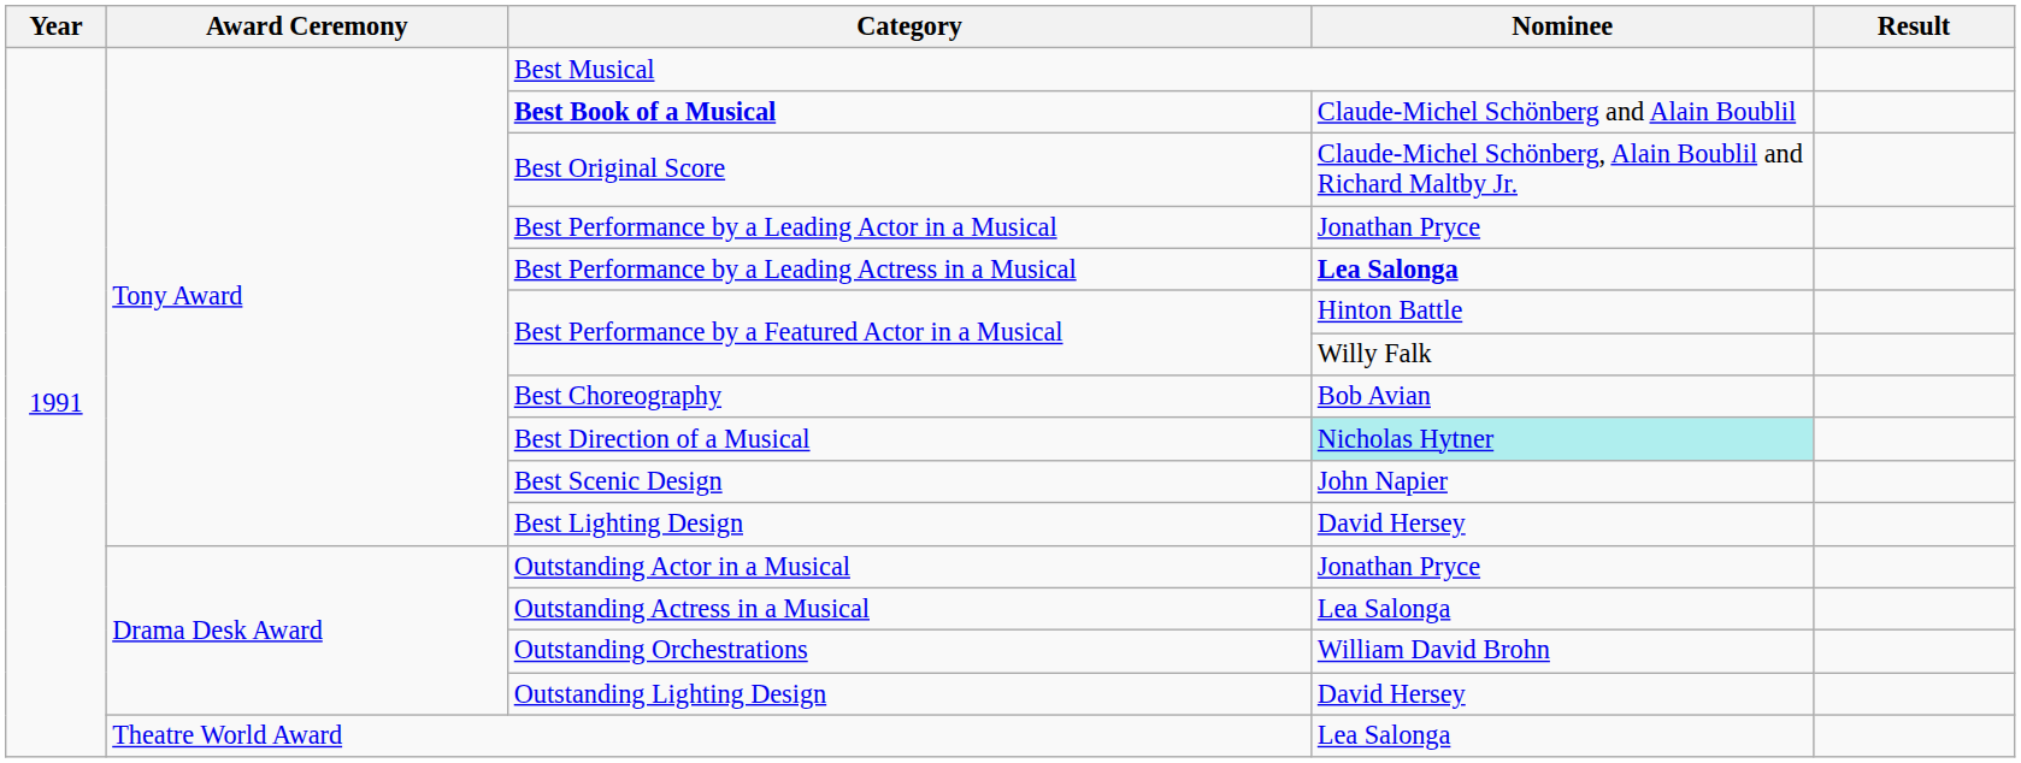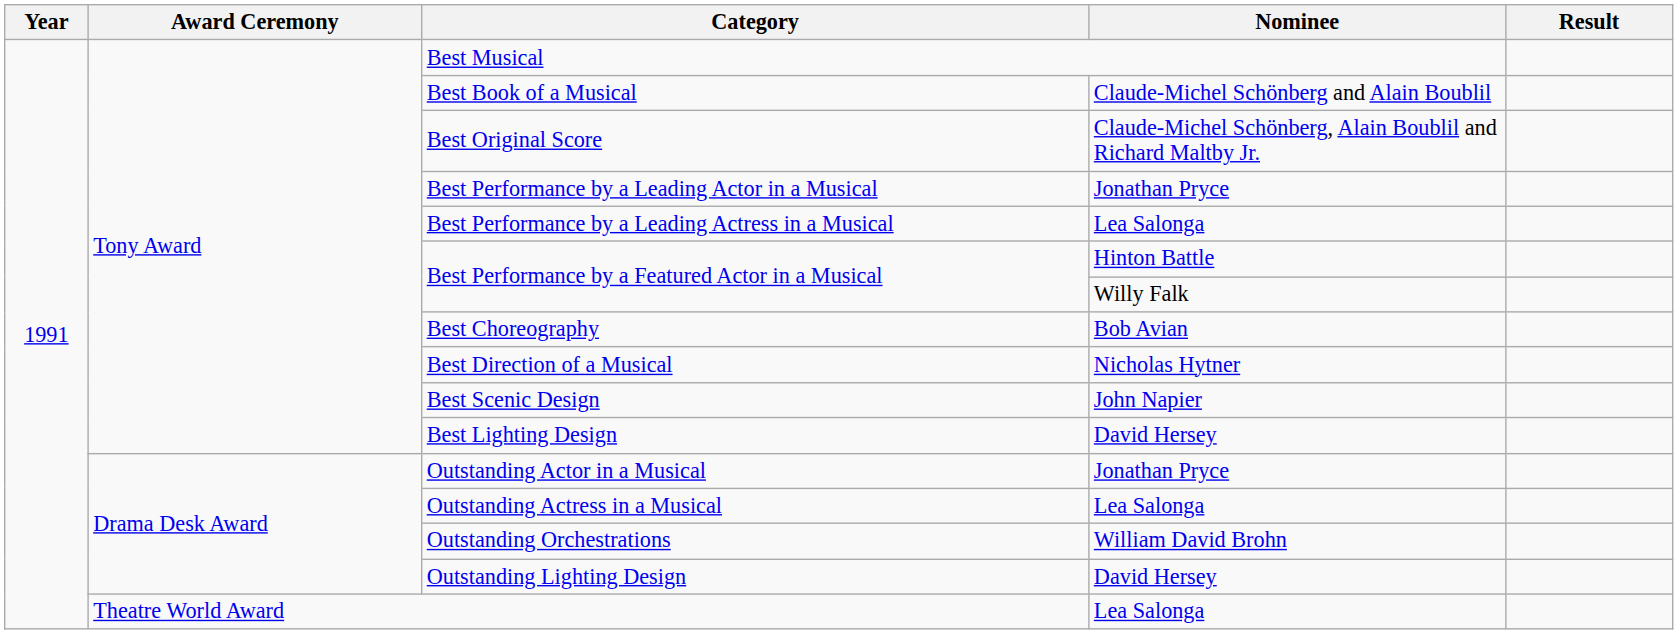 <table class="wikitable" width="95%">
 <tr>
 <th width="5%">Year</th>
 <th width="20%">Award Ceremony</th>
 <th width="40%">Category</th>
 <th width="25%">Nominee</th>
 <th width="10%">Result</th>
 </tr>
 <tr>
 <td rowspan=16 align="center"><a href='#'>1991</a></td>
 <td rowspan=11><a href='#'>Tony Award</a></td>
 <td colspan=2><a href='#'>Best Musical</a></td>
 <td></td>
 </tr>
 <tr>
-<td><strong><a href='#'>Best Book of a Musical</a></strong></td>
+<td><a href='#'>Best Book of a Musical</a></td>
 <td><a href='#'>Claude-Michel Schönberg</a> and <a href='#'>Alain Boublil</a></td>
 <td></td>
 </tr>
 <tr>
 <td><a href='#'>Best Original Score</a></td>
 <td><a href='#'>Claude-Michel Schönberg</a>, <a href='#'>Alain Boublil</a> and <a href='#'>Richard Maltby Jr.</a></td>
 <td></td>
 </tr>
 <tr>
 <td><a href='#'>Best Performance by a Leading Actor in a Musical</a></td>
 <td><a href='#'>Jonathan Pryce</a></td>
 <td></td>
 </tr>
 <tr>
 <td><a href='#'>Best Performance by a Leading Actress in a Musical</a></td>
-<td><strong><a href='#'>Lea Salonga</a></strong></td>
+<td><a href='#'>Lea Salonga</a></td>
 <td></td>
 </tr>
 <tr>
 <td rowspan=2><a href='#'>Best Performance by a Featured Actor in a Musical</a></td>
 <td><a href='#'>Hinton Battle</a></td>
 <td></td>
 </tr>
 <tr>
 <td>Willy Falk</td>
 <td></td>
 </tr>
 <tr>
 <td><a href='#'>Best Choreography</a></td>
 <td><a href='#'>Bob Avian</a></td>
 <td></td>
 </tr>
 <tr>
 <td><a href='#'>Best Direction of a Musical</a></td>
-<td style="background: paleturquoise;"><a href='#'>Nicholas Hytner</a></td>
+<td><a href='#'>Nicholas Hytner</a></td>
 <td></td>
 </tr>
 <tr>
 <td><a href='#'>Best Scenic Design</a></td>
 <td><a href='#'>John Napier</a></td>
 <td></td>
 </tr>
 <tr>
 <td><a href='#'>Best Lighting Design</a></td>
 <td><a href='#'>David Hersey</a></td>
 <td></td>
 </tr>
 <tr>
 <td rowspan=4><a href='#'>Drama Desk Award</a></td>
 <td><a href='#'>Outstanding Actor in a Musical</a></td>
 <td><a href='#'>Jonathan Pryce</a></td>
 <td></td>
 </tr>
 <tr>
 <td><a href='#'>Outstanding Actress in a Musical</a></td>
 <td><a href='#'>Lea Salonga</a></td>
 <td></td>
 </tr>
 <tr>
 <td><a href='#'>Outstanding Orchestrations</a></td>
 <td><a href='#'>William David Brohn</a></td>
 <td></td>
 </tr>
 <tr>
 <td><a href='#'>Outstanding Lighting Design</a></td>
 <td><a href='#'>David Hersey</a></td>
 <td></td>
 </tr>
 <tr>
 <td colspan=2><a href='#'>Theatre World Award</a></td>
 <td><a href='#'>Lea Salonga</a></td>
 <td></td>
 </tr>
 </table>
